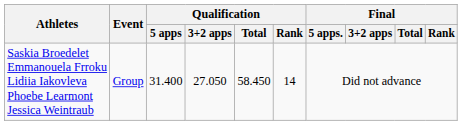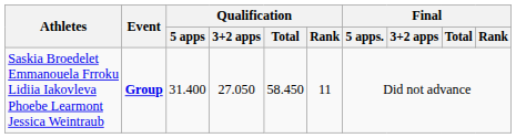 <table class="wikitable" style="font-size:90%">
 <tr>
 <th rowspan="2">Athletes</th>
 <th rowspan="2">Event</th>
 <th colspan="4">Qualification</th>
 <th colspan="4">Final</th>
 </tr>
 <tr style="font-size:95%">
 <th>5 apps</th>
 <th>3+2 apps</th>
 <th>Total</th>
 <th>Rank</th>
 <th>5 apps.</th>
 <th>3+2 apps</th>
 <th>Total</th>
 <th>Rank</th>
 </tr>
 <tr align=center>
 <td align=left><a href='#'>Saskia Broedelet</a><br><a href='#'>Emmanouela Frroku</a><br><a href='#'>Lidiia Iakovleva</a><br><a href='#'>Phoebe Learmont</a><br><a href='#'>Jessica Weintraub</a></td>
-<td align=left><a href='#'>Group</a></td>
+<td align=left><strong><a href='#'>Group</a></strong></td>
 <td>31.400</td>
 <td>27.050</td>
 <td>58.450</td>
-<td>14</td>
+<td>11</td>
 <td colspan=4>Did not advance</td>
 </tr>
 </table>
